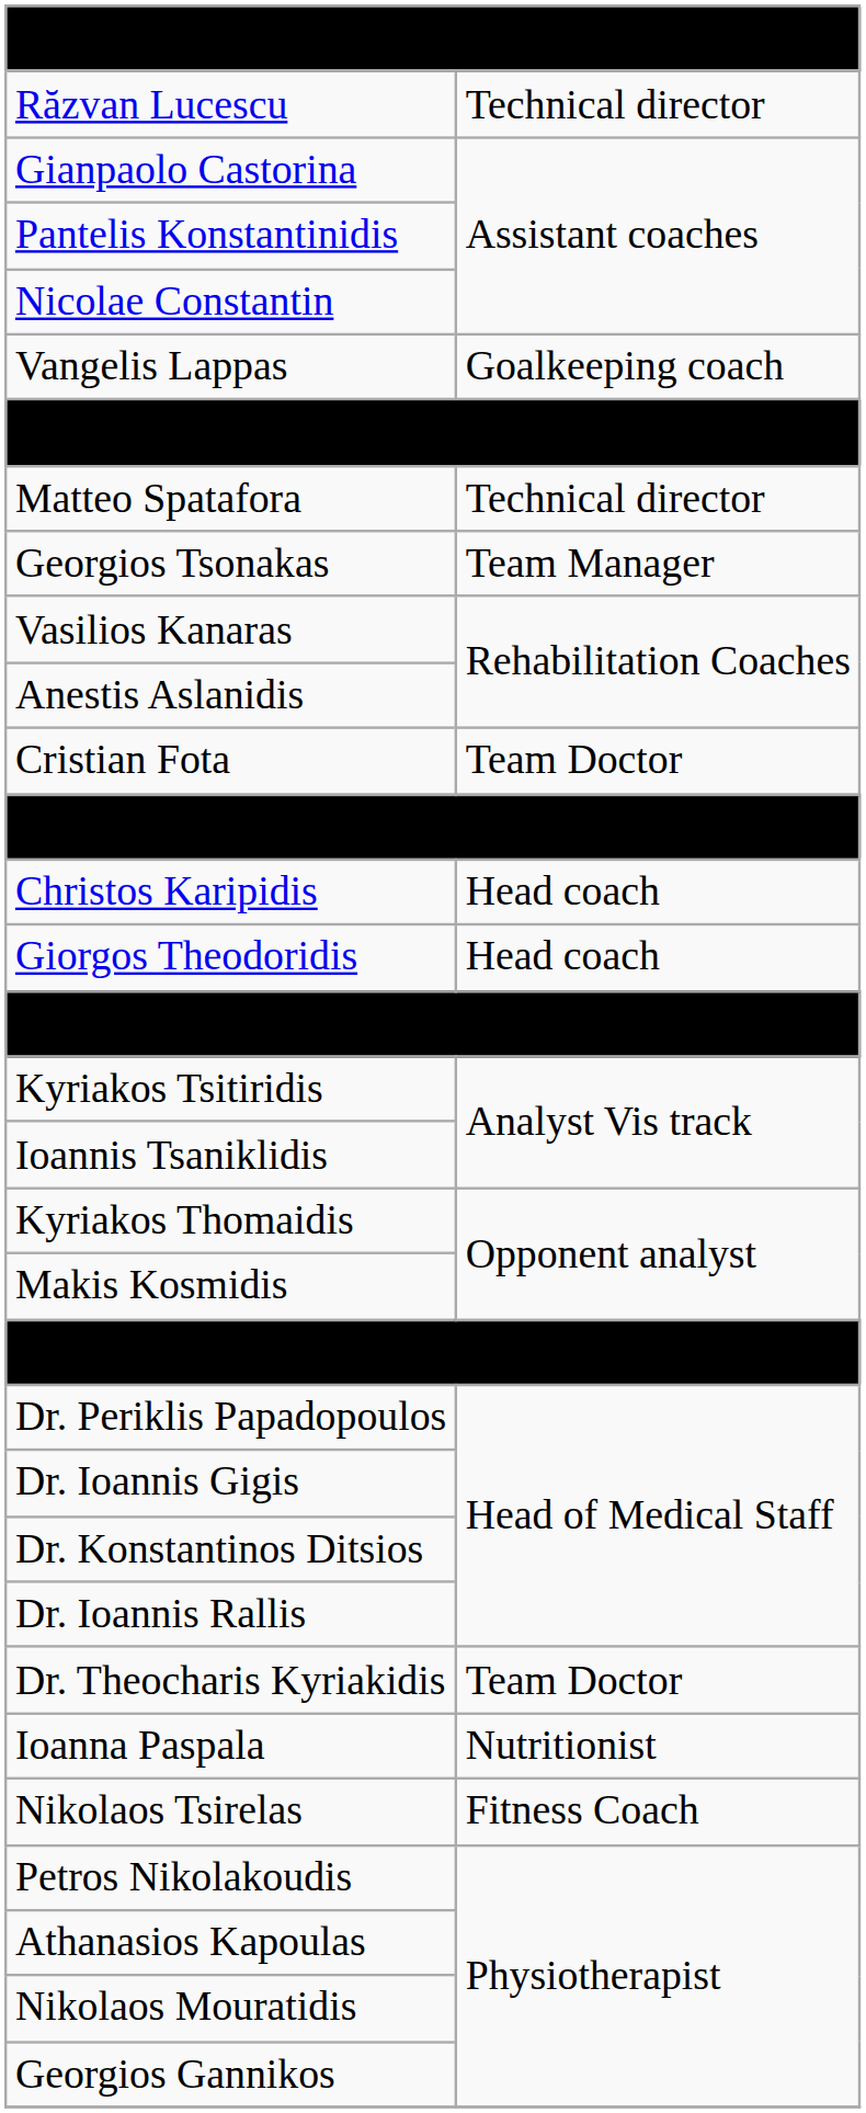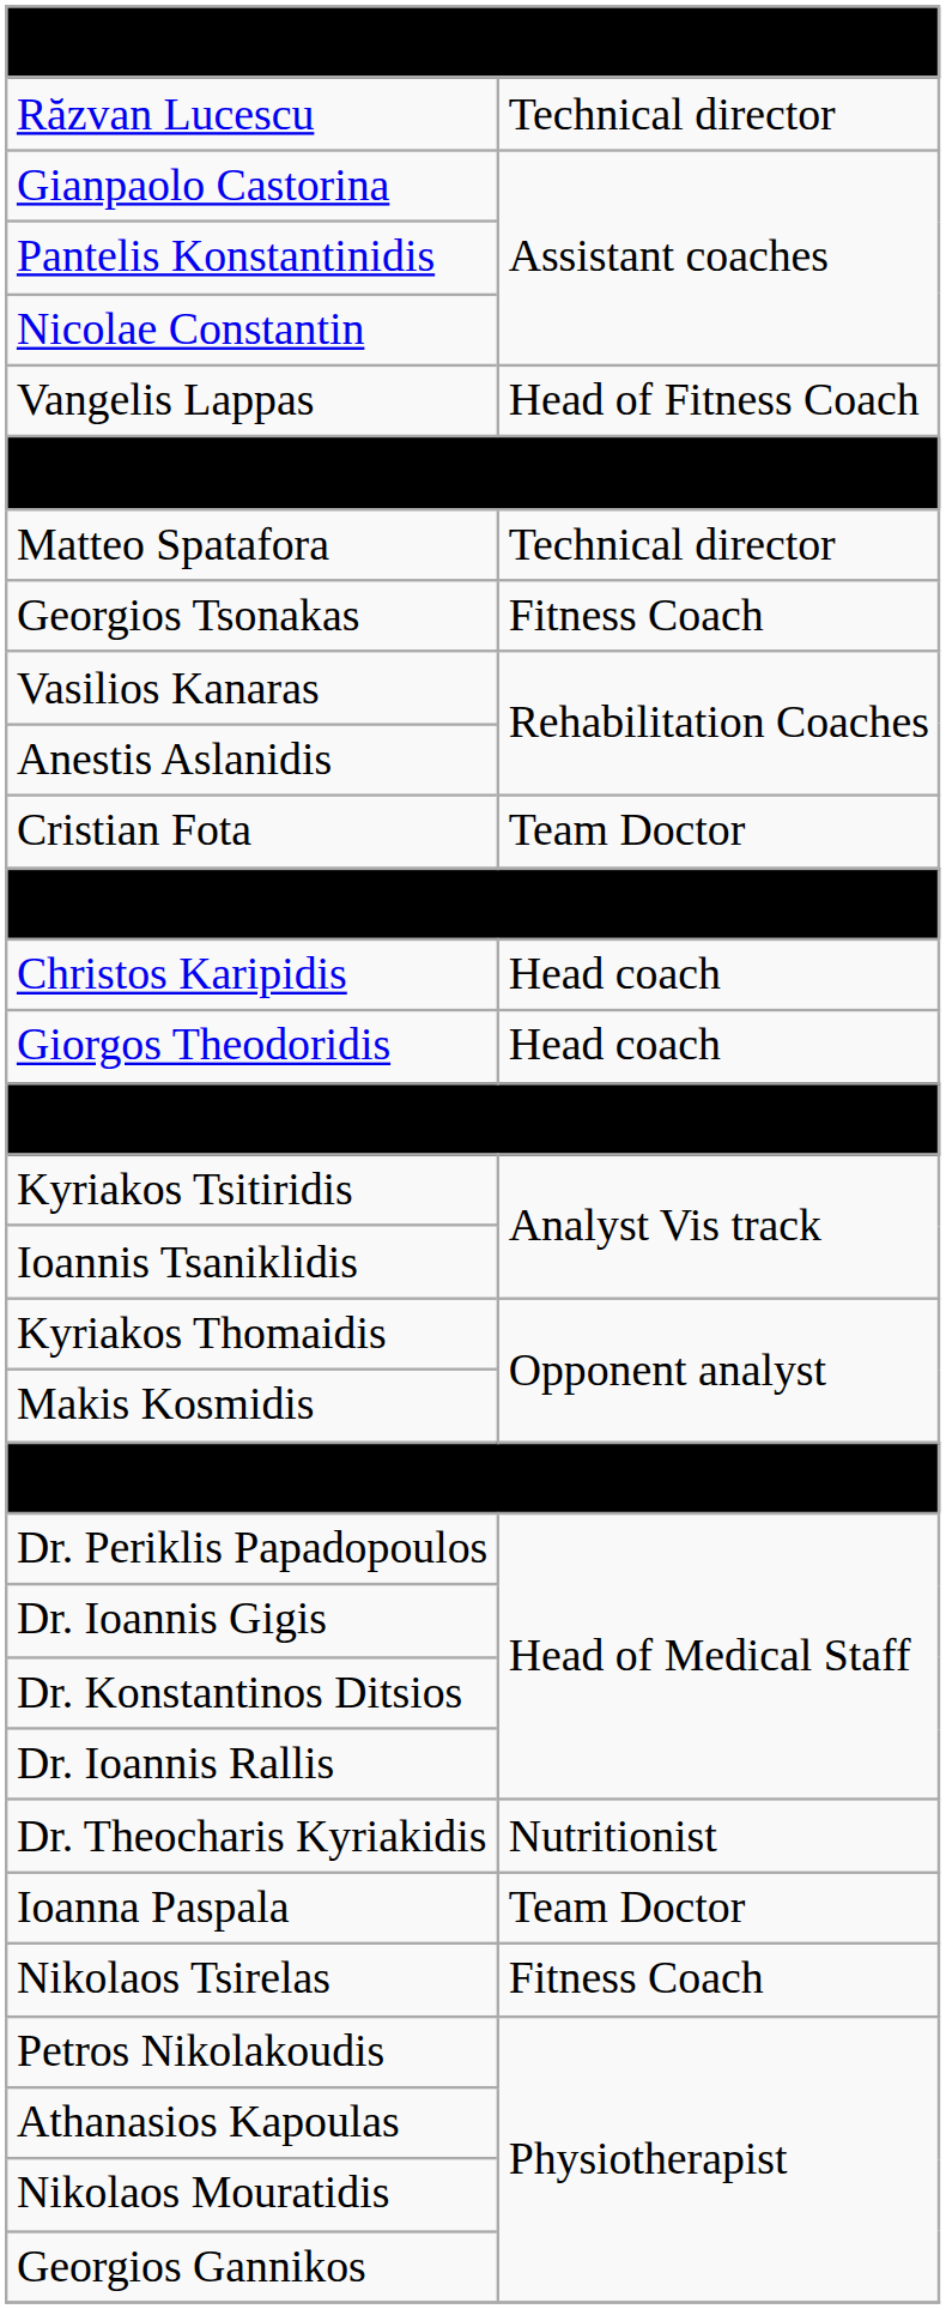 <table class="wikitable">
 <tr>
 <th colspan="2" style="background:black;"><span>Coaching staff</span></th>
 </tr>
 <tr>
 <td> <a href='#'>Răzvan Lucescu</a></td>
 <td>Technical director</td>
 </tr>
 <tr>
 <td> <a href='#'>Gianpaolo Castorina</a></td>
 <td rowspan="3">Assistant coaches</td>
 </tr>
 <tr>
 <td> <a href='#'>Pantelis Konstantinidis</a></td>
 </tr>
 <tr>
 <td> <a href='#'>Nicolae Constantin</a></td>
 </tr>
 <tr>
 <td> Vangelis Lappas</td>
-<td>Goalkeeping coach</td>
+<td>Head of Fitness Coach</td>
 </tr>
 <tr>
 <th colspan="2" style="background:black;"><span>Fitness coaches</span></th>
 </tr>
 <tr>
 <td> Matteo Spatafora</td>
 <td>Technical director</td>
 </tr>
 <tr>
 <td> Georgios Tsonakas</td>
-<td>Team Manager</td>
+<td>Fitness Coach</td>
 </tr>
 <tr>
 <td> Vasilios Kanaras</td>
 <td rowspan="2">Rehabilitation Coaches</td>
 </tr>
 <tr>
 <td> Anestis Aslanidis</td>
 </tr>
 <tr>
 <td> Cristian Fota</td>
 <td>Team Doctor</td>
 </tr>
 <tr>
 <th colspan="2" style="background:black;"><span>Sport management</span></th>
 </tr>
 <tr>
 <td> <a href='#'>Christos Karipidis</a></td>
 <td>Head coach</td>
 </tr>
 <tr>
 <td> <a href='#'>Giorgos Theodoridis</a></td>
 <td>Head coach</td>
 </tr>
 <tr>
 <th colspan="4" style="background:black;"><span>Analyst department</span>|-</th>
 </tr>
 <tr>
 <td> Kyriakos Tsitiridis</td>
 <td rowspan="2">Analyst Vis track</td>
 </tr>
 <tr>
 <td> Ioannis Tsaniklidis</td>
 </tr>
 <tr>
 <td> Kyriakos Thomaidis</td>
 <td rowspan="2">Opponent analyst</td>
 </tr>
 <tr>
 <td> Makis Kosmidis</td>
 </tr>
 <tr>
 <th colspan="2" style="background:black;"><span>Medical department</span></th>
 </tr>
 <tr>
 <td> Dr. Periklis Papadopoulos</td>
 <td rowspan="4">Head of Medical Staff</td>
 </tr>
 <tr>
 <td> Dr. Ioannis Gigis</td>
 </tr>
 <tr>
 <td> Dr. Konstantinos Ditsios</td>
 </tr>
 <tr>
 <td> Dr. Ioannis Rallis</td>
 </tr>
 <tr>
 <td> Dr. Theocharis Kyriakidis</td>
-<td>Team Doctor</td>
+<td>Nutritionist</td>
 </tr>
 <tr>
 <td> Ioanna Paspala</td>
-<td>Nutritionist</td>
+<td>Team Doctor</td>
 </tr>
 <tr>
 <td> Nikolaos Tsirelas</td>
 <td>Fitness Coach</td>
 </tr>
 <tr>
 <td> Petros Nikolakoudis</td>
 <td rowspan="4">Physiotherapist</td>
 </tr>
 <tr>
 <td> Athanasios Kapoulas</td>
 </tr>
 <tr>
 <td> Nikolaos Mouratidis</td>
 </tr>
 <tr>
 <td> Georgios Gannikos</td>
 </tr>
 <tr>
 </tr>
 </table>
